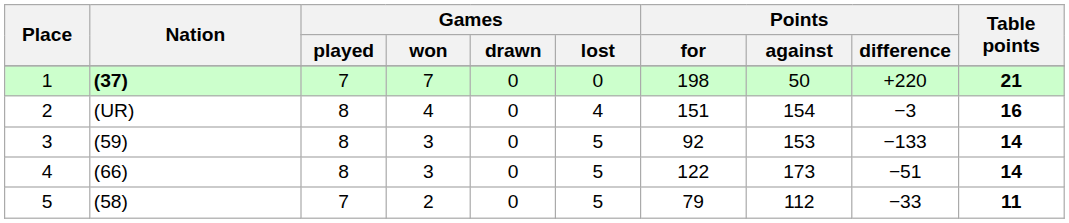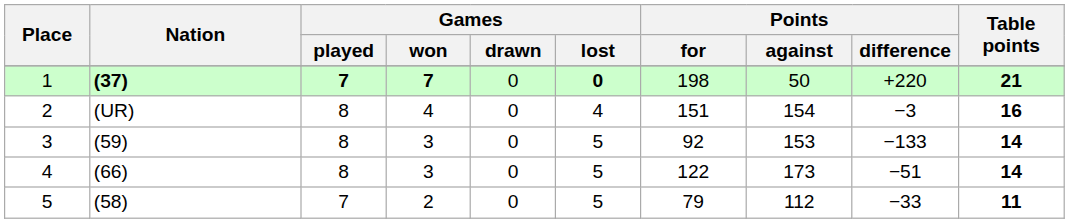 <table class="wikitable" width="100%">
 <tr>
 <th rowspan=2 width="8%">Place</th>
 <th rowspan=2 width="20%">Nation</th>
 <th colspan=4 width="32%">Games</th>
 <th colspan=3 width="30%">Points</th>
 <th rowspan=2 width="10%">Table<br>points</th>
 </tr>
 <tr>
 <th width="8%">played</th>
 <th width="8%">won</th>
 <th width="8%">drawn</th>
 <th width="8%">lost</th>
 <th width="10%">for</th>
 <th width="10%">against</th>
 <th width="10%">difference</th>
 </tr>
 <tr>
 </tr>
 <tr bgcolor=#ccffcc align=center>
 <td>1</td>
 <td align=left><strong> (37)</strong></td>
-<td>7</td>
-<td>7</td>
+<td><strong>7</strong></td>
+<td><strong>7</strong></td>
 <td>0</td>
-<td>0</td>
+<td><strong>0</strong></td>
 <td>198</td>
 <td>50</td>
 <td>+220</td>
 <td><strong>21</strong></td>
 </tr>
 <tr bgcolor=#ffffff align=center>
 <td>2</td>
 <td align=left> (UR)</td>
 <td>8</td>
 <td>4</td>
 <td>0</td>
 <td>4</td>
 <td>151</td>
 <td>154</td>
 <td>−3</td>
 <td><strong>16</strong></td>
 </tr>
 <tr bgcolor=#ffffff align=center>
 <td>3</td>
 <td align=left> (59)</td>
 <td>8</td>
 <td>3</td>
 <td>0</td>
 <td>5</td>
 <td>92</td>
 <td>153</td>
 <td>−133</td>
 <td><strong>14</strong></td>
 </tr>
 <tr bgcolor=#ffffff align=center>
 <td>4</td>
 <td align=left> (66)</td>
 <td>8</td>
 <td>3</td>
 <td>0</td>
 <td>5</td>
 <td>122</td>
 <td>173</td>
 <td>−51</td>
 <td><strong>14</strong></td>
 </tr>
 <tr bgcolor=#ffffff align=center>
 <td>5</td>
 <td align=left> (58)</td>
 <td>7</td>
 <td>2</td>
 <td>0</td>
 <td>5</td>
 <td>79</td>
 <td>112</td>
 <td>−33</td>
 <td><strong>11</strong></td>
 </tr>
 </table>
